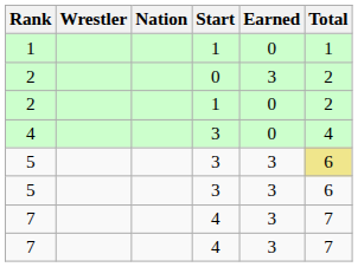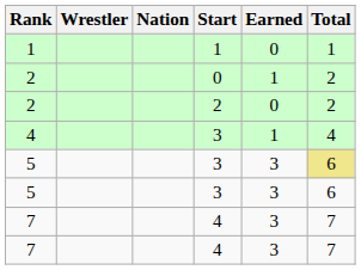 <table class="wikitable sortable" style="text-align:center;">
 <tr>
 <th>Rank</th>
 <th>Wrestler</th>
 <th>Nation</th>
 <th>Start</th>
 <th>Earned</th>
 <th>Total</th>
 </tr>
 <tr style="background:#cfc;">
 <td>1</td>
 <td align=left></td>
 <td align=left></td>
 <td>1</td>
 <td>0</td>
 <td>1</td>
 </tr>
 <tr style="background:#cfc;">
 <td>2</td>
 <td align=left></td>
 <td align=left></td>
 <td>0</td>
-<td>3</td>
+<td>1</td>
 <td>2</td>
 </tr>
 <tr style="background:#cfc;">
 <td>2</td>
 <td align=left></td>
 <td align=left></td>
-<td>1</td>
+<td>2</td>
 <td>0</td>
 <td>2</td>
 </tr>
 <tr style="background:#cfc;">
 <td>4</td>
 <td align=left></td>
 <td align=left></td>
 <td>3</td>
-<td>0</td>
+<td>1</td>
 <td>4</td>
 </tr>
 <tr>
 <td>5</td>
 <td align=left></td>
 <td align=left></td>
 <td>3</td>
 <td>3</td>
 <td style="background: khaki;">6</td>
 </tr>
 <tr>
 <td>5</td>
 <td align=left></td>
 <td align=left></td>
 <td>3</td>
 <td>3</td>
 <td>6</td>
 </tr>
 <tr>
 <td>7</td>
 <td align=left></td>
 <td align=left></td>
 <td>4</td>
 <td>3</td>
 <td>7</td>
 </tr>
 <tr>
 <td>7</td>
 <td align=left></td>
 <td align=left></td>
 <td>4</td>
 <td>3</td>
 <td>7</td>
 </tr>
 </table>
